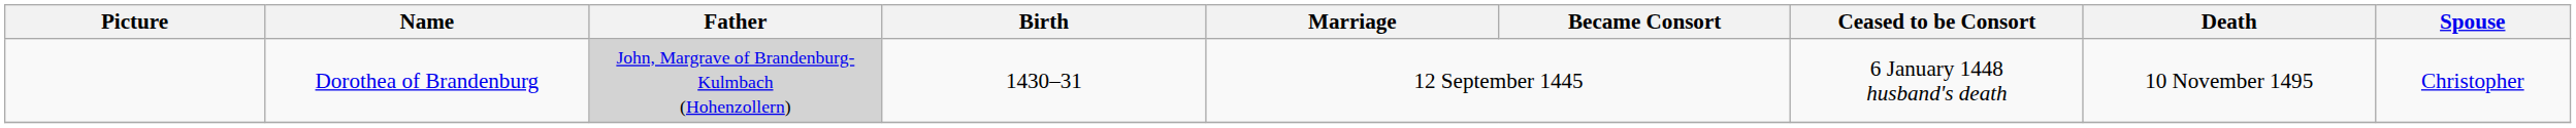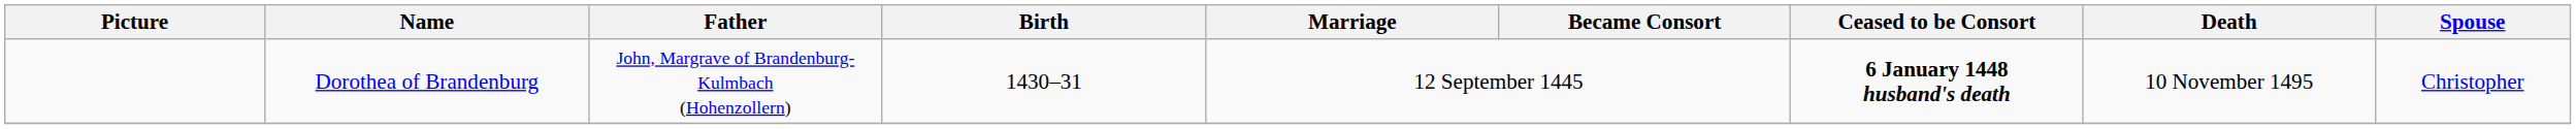 <table width=95% class="wikitable">
 <tr>
 <th width = "8%">Picture</th>
 <th width = "10%">Name</th>
 <th width = "9%">Father</th>
 <th width = "10%">Birth</th>
 <th width = "9%">Marriage</th>
 <th width = "9%">Became Consort</th>
 <th width = "9%">Ceased to be Consort</th>
 <th width = "9%">Death</th>
 <th width = "6%"><a href='#'>Spouse</a></th>
 </tr>
 <tr>
 <td align="center"></td>
 <td align="center"><a href='#'>Dorothea of Brandenburg</a>  <br></td>
-<td align="center" style="background: lightgrey;"><small><a href='#'>John, Margrave of Brandenburg-Kulmbach</a><br>(<a href='#'>Hohenzollern</a>)</small></td>
+<td align="center"><small><a href='#'>John, Margrave of Brandenburg-Kulmbach</a><br>(<a href='#'>Hohenzollern</a>)</small></td>
 <td align="center">1430–31</td>
 <td align="center" colspan="2">12 September 1445</td>
-<td align="center">6 January 1448<br><em>husband's death</em></td>
+<td align="center"><strong>6 January 1448<br><em>husband's death</em></strong></td>
 <td align="center">10 November 1495</td>
 <td align="center"><a href='#'>Christopher</a></td>
 </tr>
 <tr>
 </tr>
 </table>
